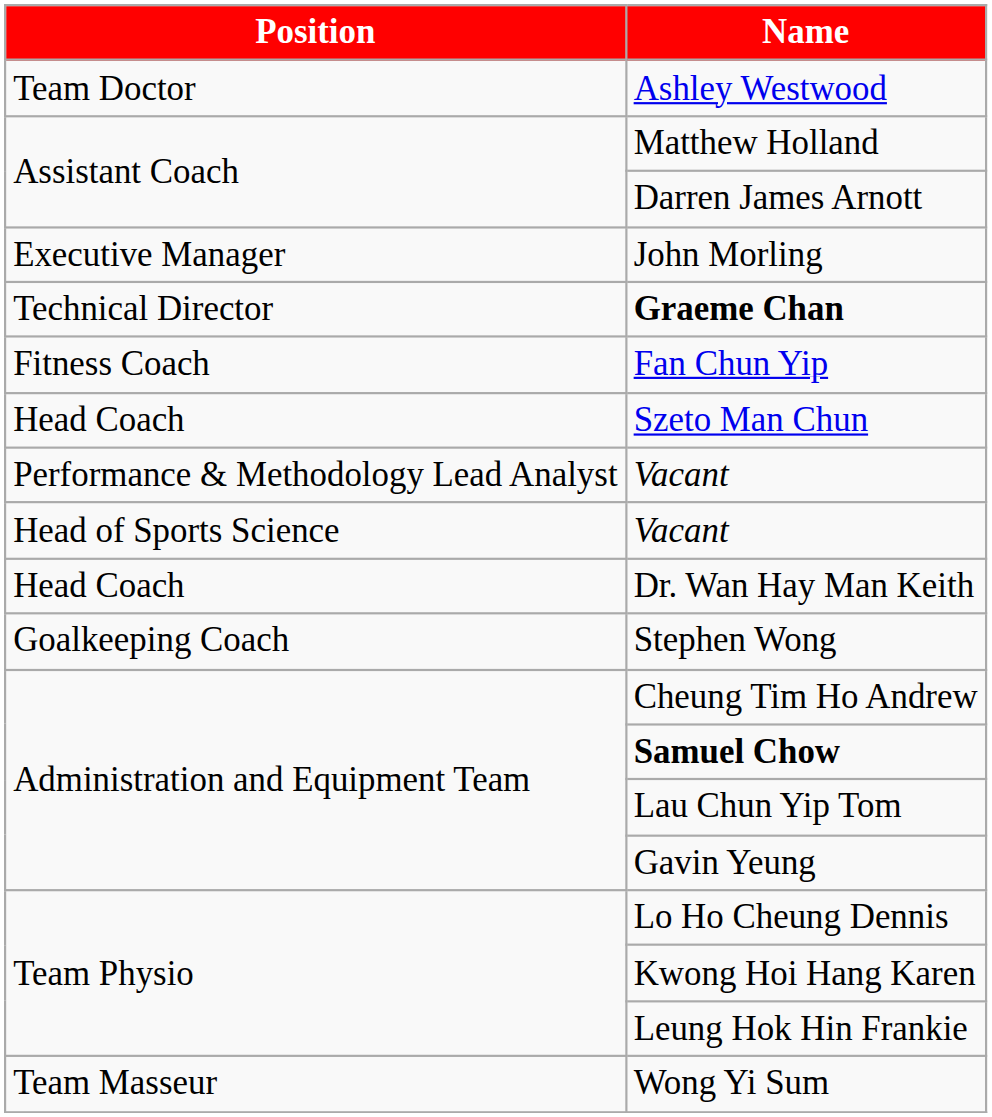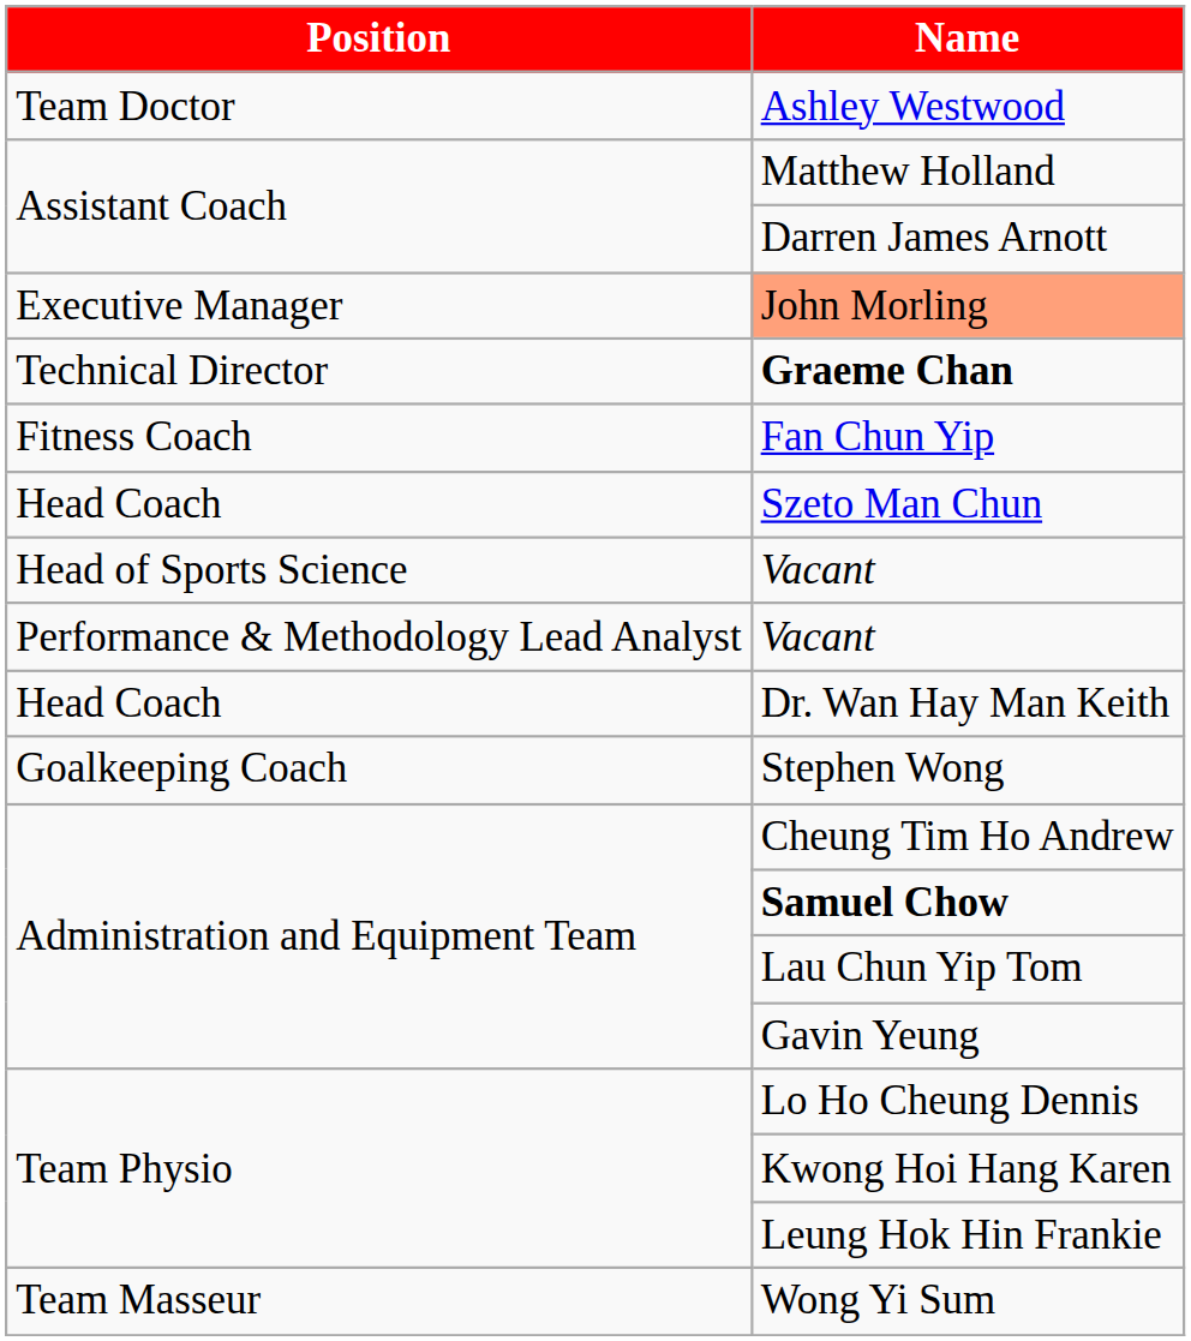 <table class="wikitable" style="text-align:center;">
 <tr>
 <th style="color:#FFFFFF;background:#FF0000">Position</th>
 <th style="color:#FFFFFF;background:#FF0000">Name</th>
 </tr>
 <tr>
 <td align="left">Team Doctor</td>
 <td align="left"> <a href='#'>Ashley Westwood</a></td>
 </tr>
 <tr>
 <td rowspan="2" style="text-align:left;">Assistant Coach</td>
 <td align="left"> Matthew Holland</td>
 </tr>
 <tr>
 <td align="left"> Darren James Arnott</td>
 </tr>
 <tr>
 <td align="left">Executive Manager</td>
-<td align="left"> John Morling</td>
+<td align="left" style="background: lightsalmon;"> John Morling</td>
 </tr>
 <tr>
 <td align="left">Technical Director</td>
 <td align="left"><strong> Graeme Chan</strong></td>
 </tr>
 <tr>
 <td align="left">Fitness Coach</td>
 <td align="left"> <a href='#'>Fan Chun Yip</a></td>
 </tr>
 <tr>
 <td align="left">Head Coach</td>
 <td align="left"> <a href='#'>Szeto Man Chun</a></td>
 </tr>
 <tr>
-<td align="left">Performance & Methodology Lead Analyst</td>
+<td align="left">Head of Sports Science</td>
 <td align="left"><em>Vacant</em></td>
 </tr>
 <tr>
-<td align="left">Head of Sports Science</td>
+<td align="left">Performance & Methodology Lead Analyst</td>
 <td align="left"><em>Vacant</em></td>
 </tr>
 <tr>
 <td align="left">Head Coach</td>
 <td align="left"> Dr. Wan Hay Man Keith</td>
 </tr>
 <tr>
 <td align="left">Goalkeeping Coach</td>
 <td align="left"> Stephen Wong</td>
 </tr>
 <tr>
 <td rowspan="4" style="text-align:left;">Administration and Equipment Team</td>
 <td align="left"> Cheung Tim Ho Andrew</td>
 </tr>
 <tr>
 <td align="left"><strong> Samuel Chow</strong></td>
 </tr>
 <tr>
 <td align="left"> Lau Chun Yip Tom</td>
 </tr>
 <tr>
 <td align="left"> Gavin Yeung</td>
 </tr>
 <tr>
 <td rowspan="3" style="text-align:left;">Team Physio</td>
 <td align="left"> Lo Ho Cheung Dennis</td>
 </tr>
 <tr>
 <td align="left"> Kwong Hoi Hang Karen</td>
 </tr>
 <tr>
 <td align="left"> Leung Hok Hin Frankie</td>
 </tr>
 <tr>
 <td align="left">Team Masseur</td>
 <td align="left"> Wong Yi Sum</td>
 </tr>
 <tr>
 </tr>
 </table>
